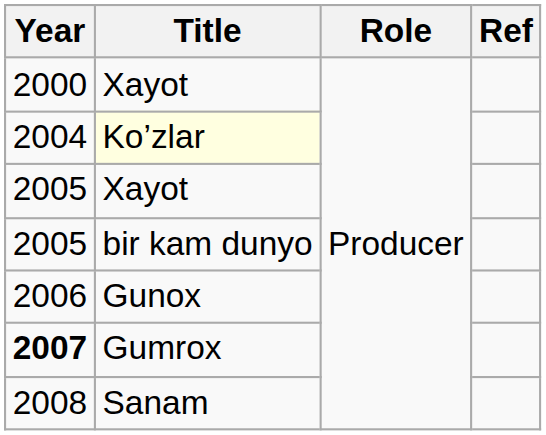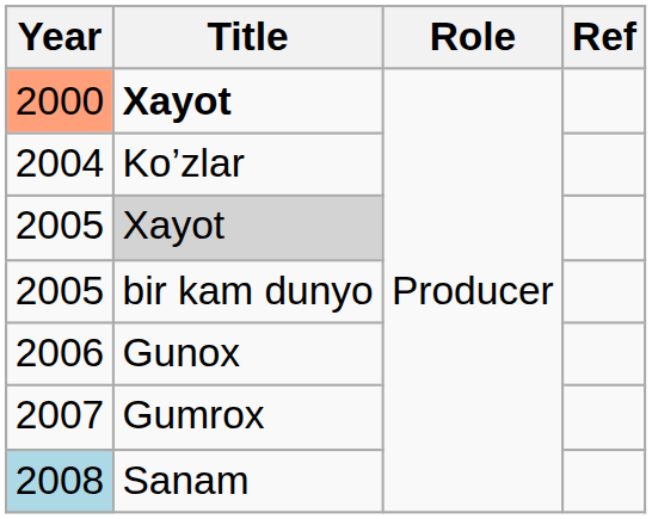 <table class="wikitable">
 <tr>
 <th>Year</th>
 <th>Title</th>
 <th>Role</th>
 <th>Ref</th>
 </tr>
 <tr>
-<td>2000</td>
-<td>Xayot</td>
+<td style="background: lightsalmon;">2000</td>
+<td><strong>Xayot</strong></td>
 <td rowspan="7">Producer</td>
 <td></td>
 </tr>
 <tr>
 <td>2004</td>
-<td style="background: lightyellow;">Ko’zlar</td>
+<td>Ko’zlar</td>
 <td></td>
 </tr>
 <tr>
 <td>2005</td>
-<td>Xayot</td>
+<td style="background: lightgrey;">Xayot</td>
 <td></td>
 </tr>
 <tr>
 <td>2005</td>
 <td>bir kam dunyo</td>
 <td></td>
 </tr>
 <tr>
 <td>2006</td>
 <td>Gunox</td>
 <td></td>
 </tr>
 <tr>
-<td><strong>2007</strong></td>
+<td>2007</td>
 <td>Gumrox</td>
 <td></td>
 </tr>
 <tr>
-<td>2008</td>
+<td style="background: lightblue;">2008</td>
 <td>Sanam</td>
 <td></td>
 </tr>
 </table>
